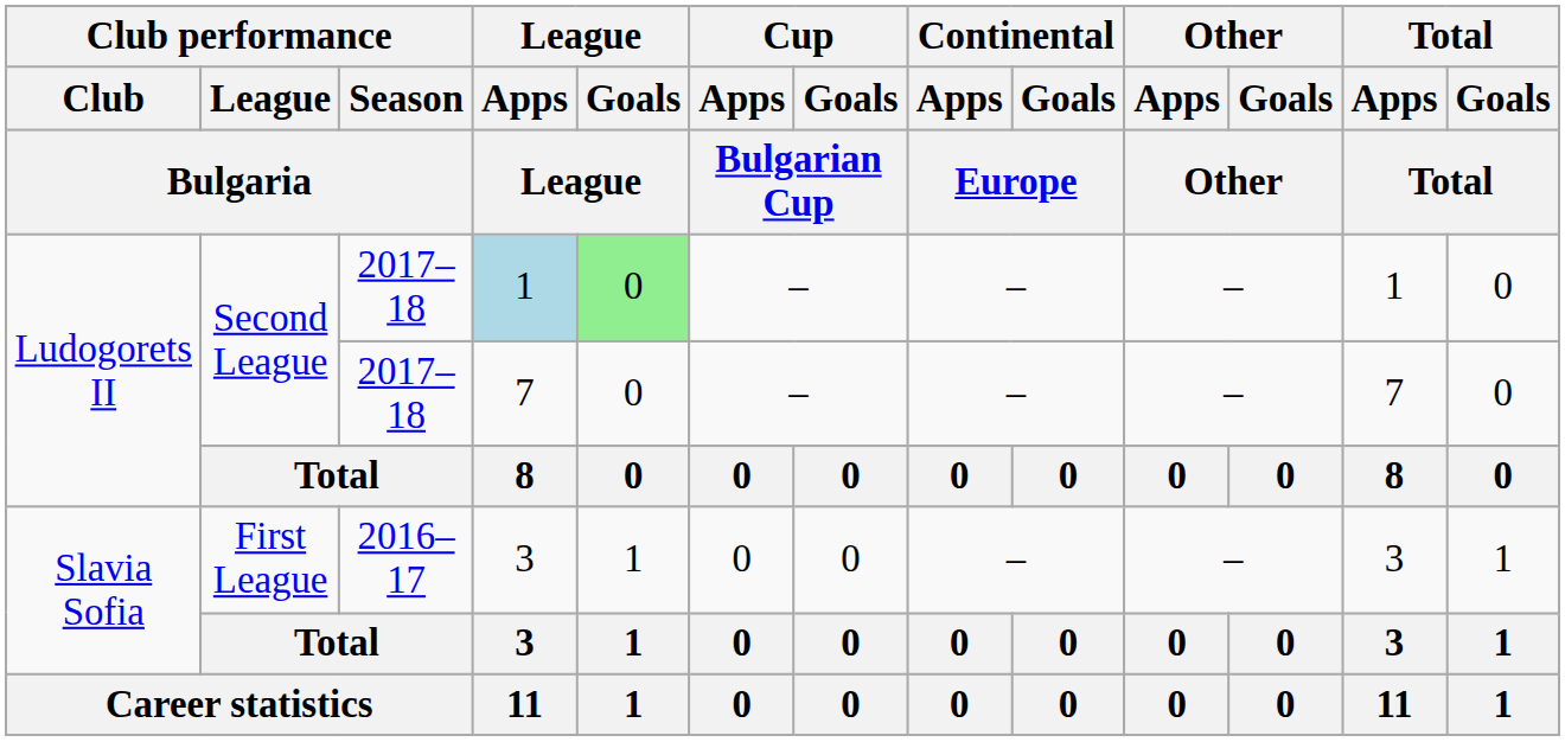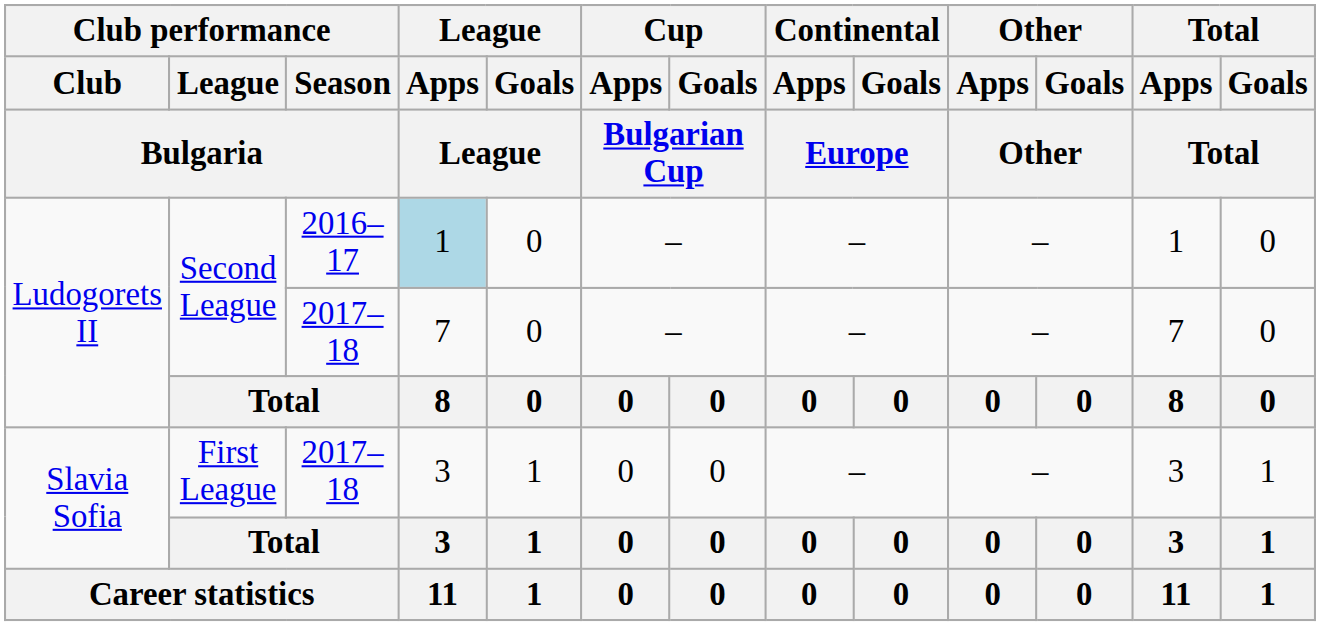 <table class="wikitable" style="text-align: center">
 <tr>
 <th colspan="3">Club performance</th>
 <th colspan="2">League</th>
 <th colspan="2">Cup</th>
 <th colspan="2">Continental</th>
 <th colspan="2">Other</th>
 <th colspan="3">Total</th>
 </tr>
 <tr>
 <th>Club</th>
 <th>League</th>
 <th>Season</th>
 <th>Apps</th>
 <th>Goals</th>
 <th>Apps</th>
 <th>Goals</th>
 <th>Apps</th>
 <th>Goals</th>
 <th>Apps</th>
 <th>Goals</th>
 <th>Apps</th>
 <th>Goals</th>
 </tr>
 <tr>
 <th colspan="3">Bulgaria</th>
 <th colspan="2">League</th>
 <th colspan="2"><a href='#'>Bulgarian Cup</a></th>
 <th colspan="2"><a href='#'>Europe</a></th>
 <th colspan="2">Other</th>
 <th colspan="2">Total</th>
 </tr>
 <tr>
 <td rowspan="3"><a href='#'>Ludogorets II</a></td>
 <td rowspan="2"><a href='#'>Second League</a></td>
-<td><a href='#'>2017–18</a></td>
+<td><a href='#'>2016–17</a></td>
 <td style="background: lightblue;">1</td>
-<td style="background: lightgreen;">0</td>
+<td>0</td>
 <td colspan="2">–</td>
 <td colspan="2">–</td>
 <td colspan="2">–</td>
 <td>1</td>
 <td>0</td>
 </tr>
 <tr>
 <td><a href='#'>2017–18</a></td>
 <td>7</td>
 <td>0</td>
 <td colspan="2">–</td>
 <td colspan="2">–</td>
 <td colspan="2">–</td>
 <td>7</td>
 <td>0</td>
 </tr>
 <tr>
 <th colspan="2">Total</th>
 <th>8</th>
 <th>0</th>
 <th>0</th>
 <th>0</th>
 <th>0</th>
 <th>0</th>
 <th>0</th>
 <th>0</th>
 <th>8</th>
 <th>0</th>
 </tr>
 <tr>
 <td rowspan="2"><a href='#'>Slavia Sofia</a></td>
 <td><a href='#'>First League</a></td>
-<td><a href='#'>2016–17</a></td>
+<td><a href='#'>2017–18</a></td>
 <td>3</td>
 <td>1</td>
 <td>0</td>
 <td>0</td>
 <td colspan="2">–</td>
 <td colspan="2">–</td>
 <td>3</td>
 <td>1</td>
 </tr>
 <tr>
 <th colspan="2">Total</th>
 <th>3</th>
 <th>1</th>
 <th>0</th>
 <th>0</th>
 <th>0</th>
 <th>0</th>
 <th>0</th>
 <th>0</th>
 <th>3</th>
 <th>1</th>
 </tr>
 <tr>
 <th colspan="3">Career statistics</th>
 <th>11</th>
 <th>1</th>
 <th>0</th>
 <th>0</th>
 <th>0</th>
 <th>0</th>
 <th>0</th>
 <th>0</th>
 <th>11</th>
 <th>1</th>
 </tr>
 </table>
